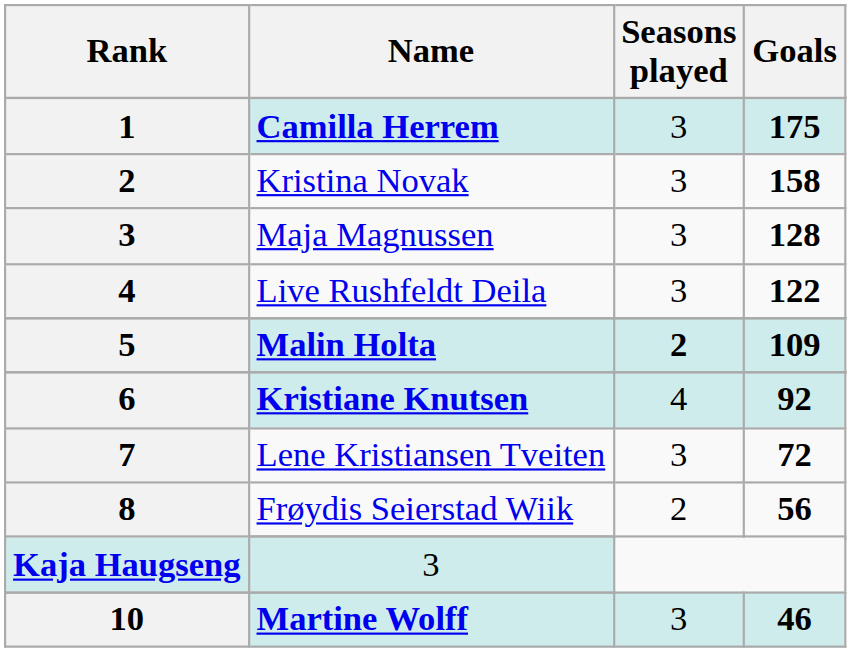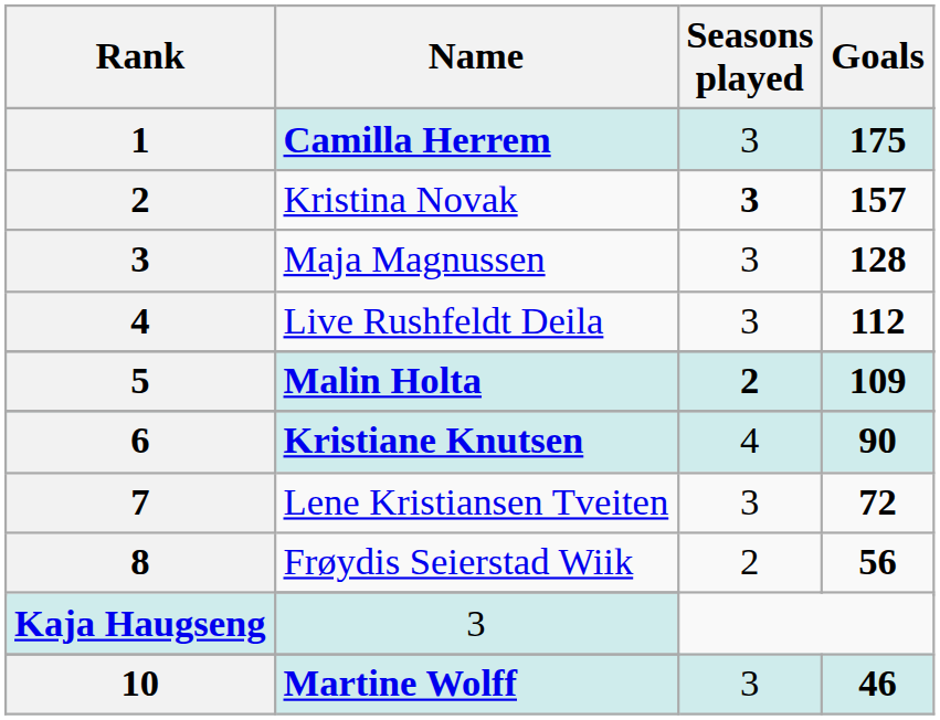 <table class="wikitable" style="text-align: center;">
 <tr>
 <th>Rank</th>
 <th class="unsortable">Name</th>
 <th>Seasons<br>played</th>
 <th>Goals</th>
 </tr>
 <tr>
 </tr>
 <tr style="background-color: #CFECEC;">
 <th>1</th>
 <td style="text-align: left;"> <strong><a href='#'>Camilla Herrem</a></strong></td>
 <td>3</td>
 <td><strong>175</strong></td>
 </tr>
 <tr>
 <th>2</th>
 <td style="text-align: left;"> <a href='#'>Kristina Novak</a></td>
-<td>3</td>
-<td><strong>158</strong></td>
+<td><strong>3</strong></td>
+<td><strong>157</strong></td>
 </tr>
 <tr>
 <th>3</th>
 <td style="text-align: left;"> <a href='#'>Maja Magnussen</a></td>
 <td>3</td>
 <td><strong>128</strong></td>
 </tr>
 <tr>
 <th>4</th>
 <td style="text-align: left;"> <a href='#'>Live Rushfeldt Deila</a></td>
 <td>3</td>
-<td><strong>122</strong></td>
+<td><strong>112</strong></td>
 </tr>
 <tr>
 </tr>
 <tr style="background-color: #CFECEC;">
 <th>5</th>
 <td style="text-align: left;"> <strong><a href='#'>Malin Holta</a></strong></td>
 <td><strong>2</strong></td>
 <td><strong>109</strong></td>
 </tr>
 <tr>
 </tr>
 <tr style="background-color: #CFECEC;">
 <th>6</th>
 <td style="text-align: left;"> <strong><a href='#'>Kristiane Knutsen</a></strong></td>
 <td>4</td>
-<td><strong>92</strong></td>
+<td><strong>90</strong></td>
 </tr>
 <tr>
 <th>7</th>
 <td style="text-align: left;"> <a href='#'>Lene Kristiansen Tveiten</a></td>
 <td>3</td>
 <td><strong>72</strong></td>
 </tr>
 <tr>
 <th rowspan=2>8</th>
 <td style="text-align: left;"> <a href='#'>Frøydis Seierstad Wiik</a></td>
 <td>2</td>
 <td rowspan=2><strong>56</strong></td>
 </tr>
 <tr>
 </tr>
 <tr style="background-color: #CFECEC;">
 <td style="text-align: left;"> <strong><a href='#'>Kaja Haugseng</a></strong></td>
 <td>3</td>
 </tr>
 <tr>
 </tr>
 <tr style="background-color: #CFECEC;">
 <th>10</th>
 <td style="text-align: left;"> <strong><a href='#'>Martine Wolff</a></strong></td>
 <td>3</td>
 <td><strong>46</strong></td>
 </tr>
 </table>
